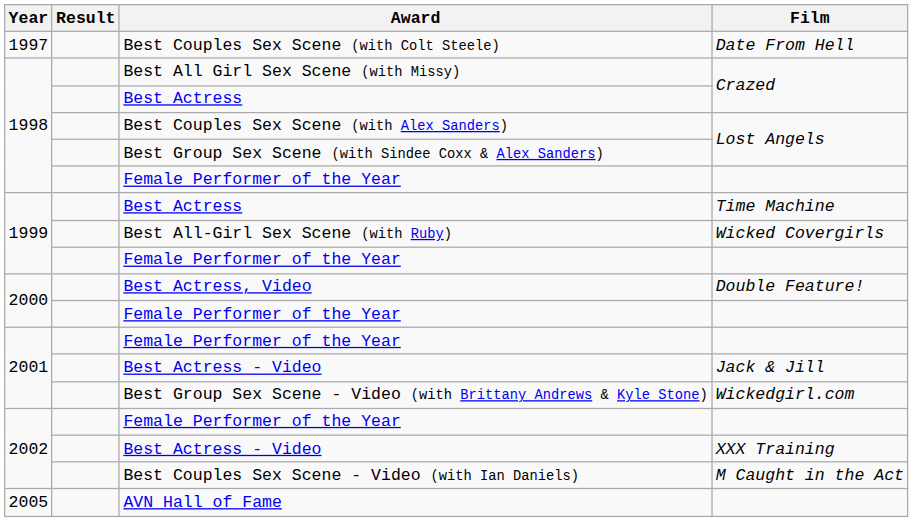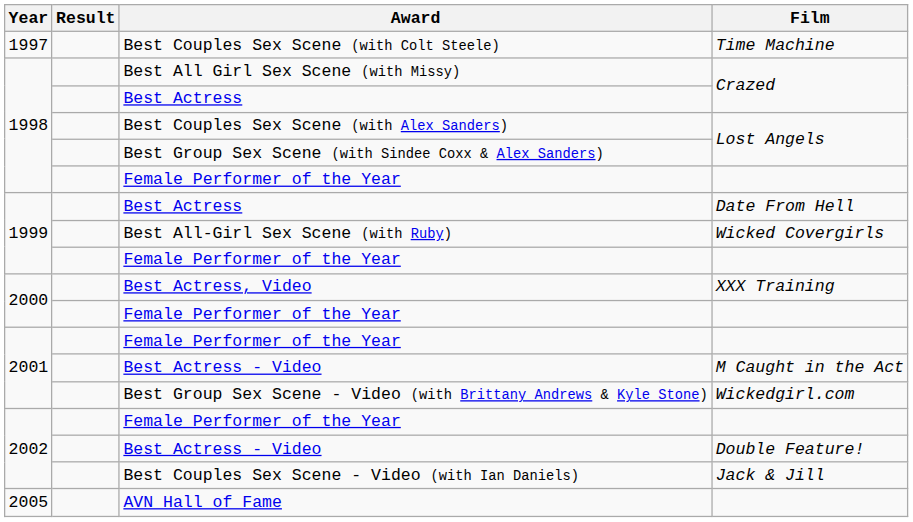 <table class="wikitable">
 <tr>
 <th>Year</th>
 <th>Result</th>
 <th>Award</th>
 <th>Film</th>
 </tr>
 <tr>
 <td>1997</td>
 <td></td>
 <td>Best Couples Sex Scene <small>(with Colt Steele)</small></td>
-<td><em>Date From Hell</em></td>
+<td><em>Time Machine</em></td>
 </tr>
 <tr>
 <td rowspan="5">1998</td>
 <td></td>
 <td>Best All Girl Sex Scene <small>(with Missy)</small></td>
 <td rowspan="2"><em>Crazed</em></td>
 </tr>
 <tr>
 <td></td>
 <td><a href='#'>Best Actress</a></td>
 </tr>
 <tr>
 <td></td>
 <td>Best Couples Sex Scene <small>(with <a href='#'>Alex Sanders</a>)</small></td>
 <td rowspan="2"><em>Lost Angels</em></td>
 </tr>
 <tr>
 <td></td>
 <td>Best Group Sex Scene <small>(with Sindee Coxx & <a href='#'>Alex Sanders</a>)</small></td>
 </tr>
 <tr>
 <td></td>
 <td><a href='#'>Female Performer of the Year</a></td>
 <td></td>
 </tr>
 <tr>
 <td rowspan="3">1999</td>
 <td></td>
 <td><a href='#'>Best Actress</a></td>
-<td><em>Time Machine</em></td>
+<td><em>Date From Hell</em></td>
 </tr>
 <tr>
 <td></td>
 <td>Best All-Girl Sex Scene <small>(with <a href='#'>Ruby</a>)</small></td>
 <td><em>Wicked Covergirls</em></td>
 </tr>
 <tr>
 <td></td>
 <td><a href='#'>Female Performer of the Year</a></td>
 <td></td>
 </tr>
 <tr>
 <td rowspan="2">2000</td>
 <td></td>
 <td><a href='#'>Best Actress, Video</a></td>
-<td><em>Double Feature!</em></td>
+<td><em>XXX Training</em></td>
 </tr>
 <tr>
 <td></td>
 <td><a href='#'>Female Performer of the Year</a></td>
 <td></td>
 </tr>
 <tr>
 <td rowspan="3">2001</td>
 <td></td>
 <td><a href='#'>Female Performer of the Year</a></td>
 <td></td>
 </tr>
 <tr>
 <td></td>
 <td><a href='#'>Best Actress - Video</a></td>
-<td><em>Jack & Jill</em></td>
+<td><em>M Caught in the Act</em></td>
 </tr>
 <tr>
 <td></td>
 <td>Best Group Sex Scene - Video <small>(with <a href='#'>Brittany Andrews</a> & <a href='#'>Kyle Stone</a>)</small></td>
 <td><em>Wickedgirl.com</em></td>
 </tr>
 <tr>
 <td rowspan="3">2002</td>
 <td></td>
 <td><a href='#'>Female Performer of the Year</a></td>
 <td></td>
 </tr>
 <tr>
 <td></td>
 <td><a href='#'>Best Actress - Video</a></td>
-<td><em>XXX Training</em></td>
+<td><em>Double Feature!</em></td>
 </tr>
 <tr>
 <td></td>
 <td>Best Couples Sex Scene - Video <small>(with Ian Daniels)</small></td>
-<td><em>M Caught in the Act</em></td>
+<td><em>Jack & Jill</em></td>
 </tr>
 <tr>
 <td>2005</td>
 <td></td>
 <td><a href='#'>AVN Hall of Fame</a></td>
 <td></td>
 </tr>
 </table>
